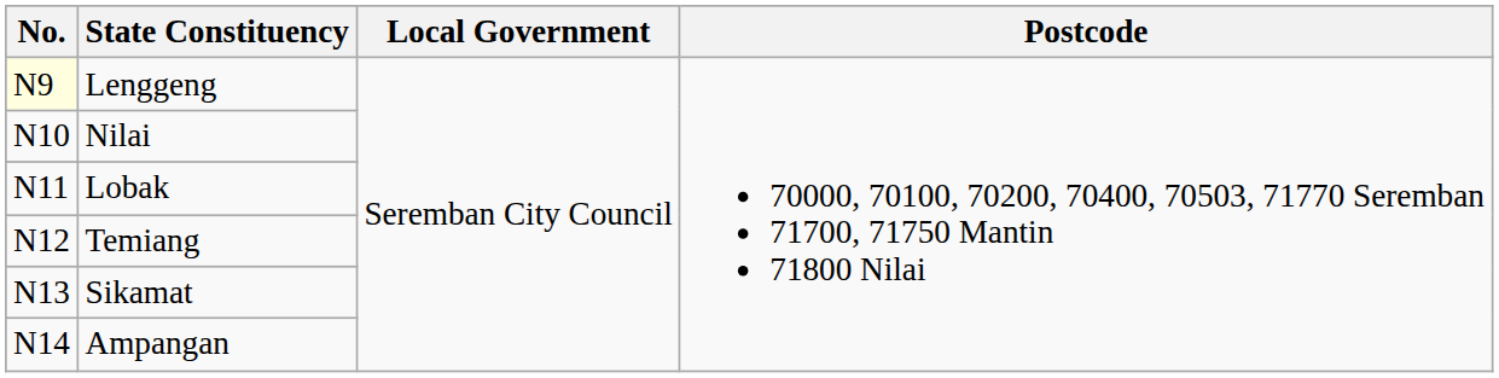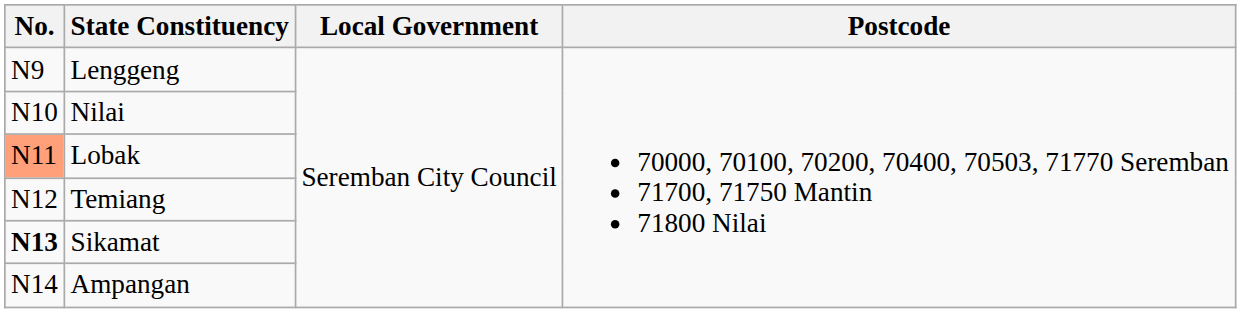 <table class="wikitable">
 <tr>
 <th>No.</th>
 <th>State Constituency</th>
 <th>Local Government</th>
 <th>Postcode</th>
 </tr>
 <tr>
-<td style="background: lightyellow;">N9</td>
+<td>N9</td>
 <td>Lenggeng</td>
 <td rowspan="6">Seremban City Council</td>
 <td rowspan="6"><br><ul><li>70000, 70100, 70200, 70400, 70503, 71770 Seremban</li><li>71700, 71750 Mantin</li><li>71800 Nilai</li></ul></td>
 </tr>
 <tr>
 <td>N10</td>
 <td>Nilai</td>
 </tr>
 <tr>
-<td>N11</td>
+<td style="background: lightsalmon;">N11</td>
 <td>Lobak</td>
 </tr>
 <tr>
 <td>N12</td>
 <td>Temiang</td>
 </tr>
 <tr>
-<td>N13</td>
+<td><strong>N13</strong></td>
 <td>Sikamat</td>
 </tr>
 <tr>
 <td>N14</td>
 <td>Ampangan</td>
 </tr>
 </table>
